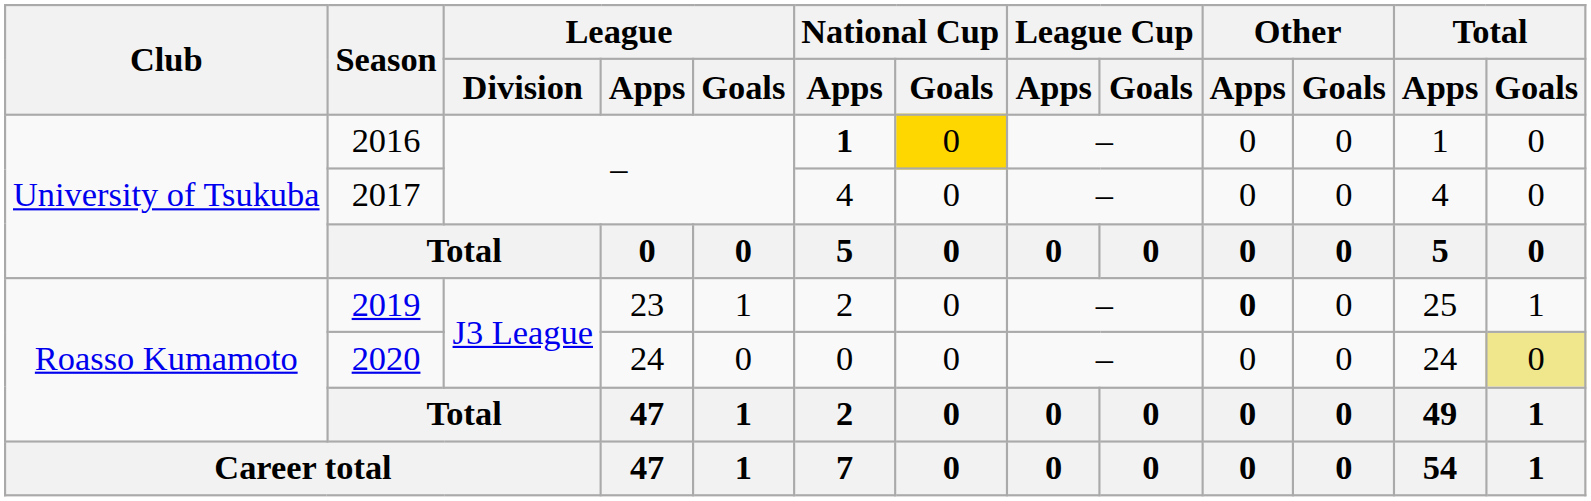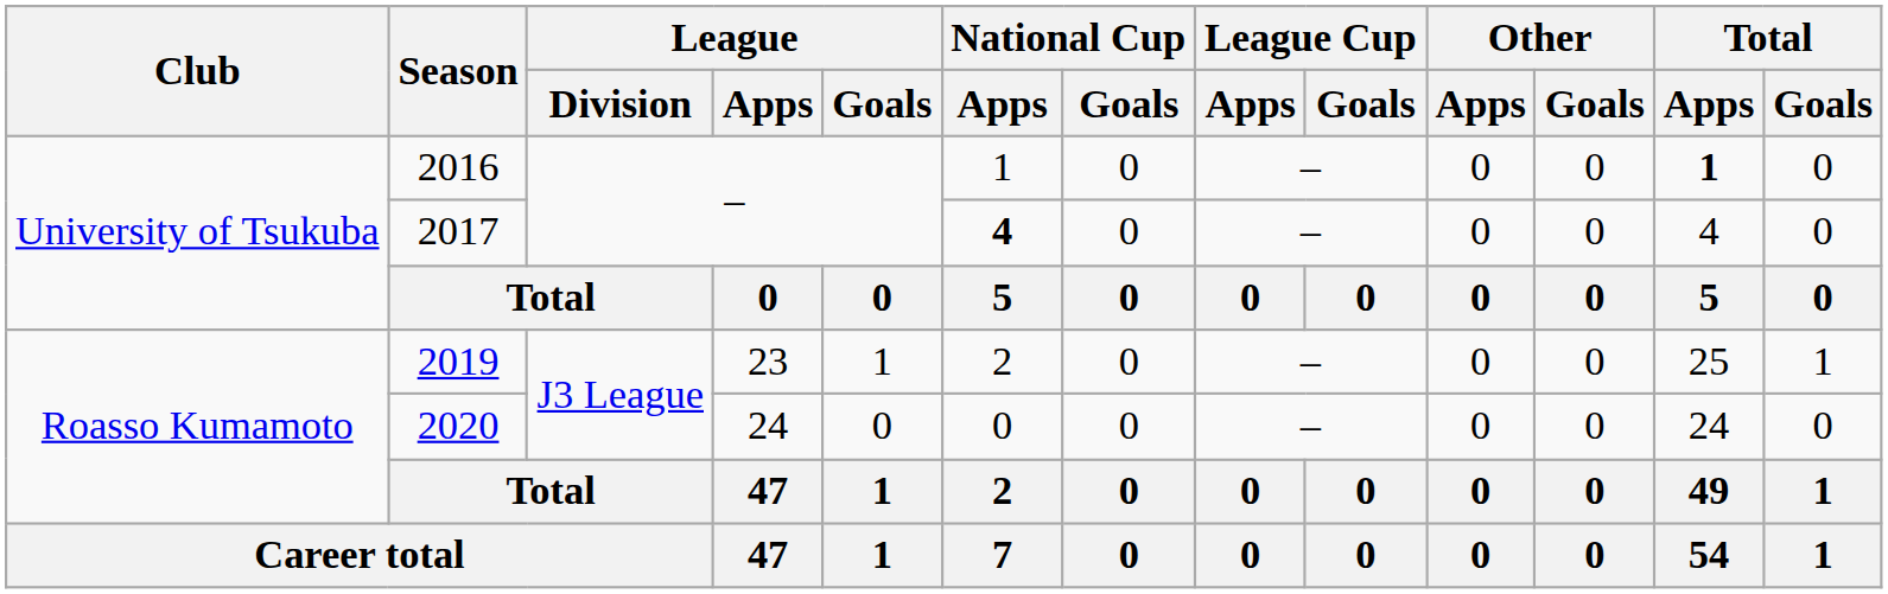 <table class="wikitable" style="text-align: center">
 <tr>
 <th rowspan="2">Club</th>
 <th rowspan="2">Season</th>
 <th colspan="3">League</th>
 <th colspan="2">National Cup</th>
 <th colspan="2">League Cup</th>
 <th colspan="2">Other</th>
 <th colspan="2">Total</th>
 </tr>
 <tr>
 <th>Division</th>
 <th>Apps</th>
 <th>Goals</th>
 <th>Apps</th>
 <th>Goals</th>
 <th>Apps</th>
 <th>Goals</th>
 <th>Apps</th>
 <th>Goals</th>
 <th>Apps</th>
 <th>Goals</th>
 </tr>
 <tr>
 <td rowspan="3"><a href='#'>University of Tsukuba</a></td>
 <td>2016</td>
 <td rowspan="2" colspan="3">–</td>
-<td><strong>1</strong></td>
-<td style="background: gold;">0</td>
+<td>1</td>
+<td>0</td>
 <td colspan="2">–</td>
 <td>0</td>
 <td>0</td>
-<td>1</td>
+<td><strong>1</strong></td>
 <td>0</td>
 </tr>
 <tr>
 <td>2017</td>
-<td>4</td>
+<td><strong>4</strong></td>
 <td>0</td>
 <td colspan="2">–</td>
 <td>0</td>
 <td>0</td>
 <td>4</td>
 <td>0</td>
 </tr>
 <tr>
 <th colspan=2>Total</th>
 <th>0</th>
 <th>0</th>
 <th>5</th>
 <th>0</th>
 <th>0</th>
 <th>0</th>
 <th>0</th>
 <th>0</th>
 <th>5</th>
 <th>0</th>
 </tr>
 <tr>
 <td rowspan="3"><a href='#'>Roasso Kumamoto</a></td>
 <td><a href='#'>2019</a></td>
 <td rowspan="2"><a href='#'>J3 League</a></td>
 <td>23</td>
 <td>1</td>
 <td>2</td>
 <td>0</td>
 <td colspan="2">–</td>
-<td><strong>0</strong></td>
+<td>0</td>
 <td>0</td>
 <td>25</td>
 <td>1</td>
 </tr>
 <tr>
 <td><a href='#'>2020</a></td>
 <td>24</td>
 <td>0</td>
 <td>0</td>
 <td>0</td>
 <td colspan="2">–</td>
 <td>0</td>
 <td>0</td>
 <td>24</td>
-<td style="background: khaki;">0</td>
+<td>0</td>
 </tr>
 <tr>
 <th colspan=2>Total</th>
 <th>47</th>
 <th>1</th>
 <th>2</th>
 <th>0</th>
 <th>0</th>
 <th>0</th>
 <th>0</th>
 <th>0</th>
 <th>49</th>
 <th>1</th>
 </tr>
 <tr>
 <th colspan=3>Career total</th>
 <th>47</th>
 <th>1</th>
 <th>7</th>
 <th>0</th>
 <th>0</th>
 <th>0</th>
 <th>0</th>
 <th>0</th>
 <th>54</th>
 <th>1</th>
 </tr>
 </table>
